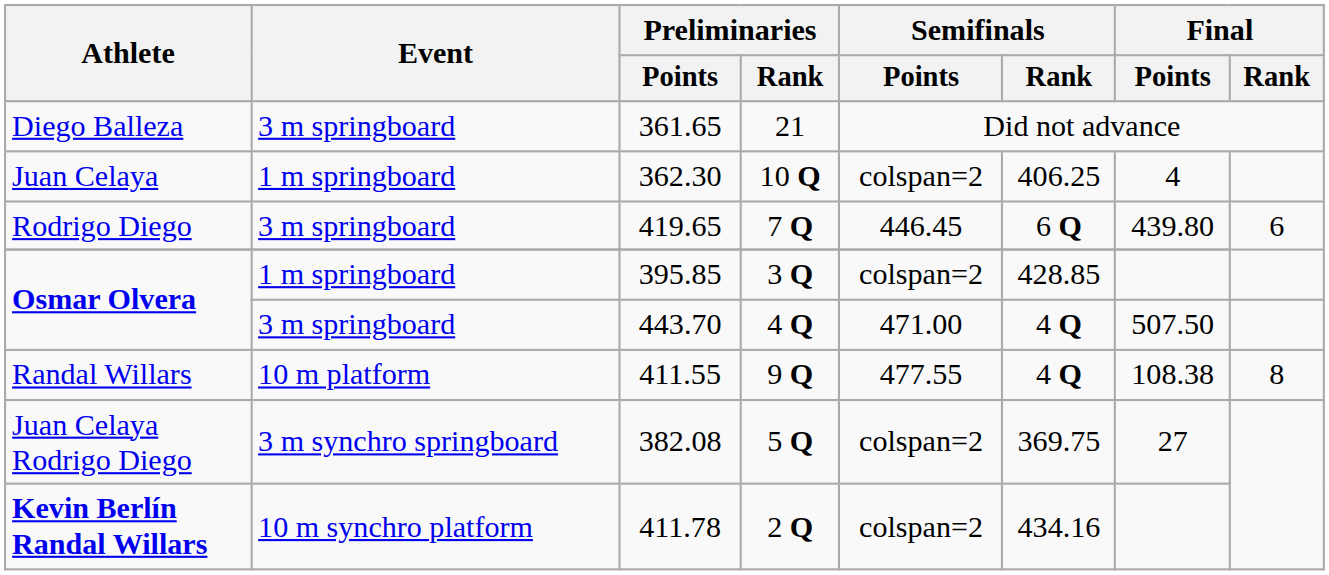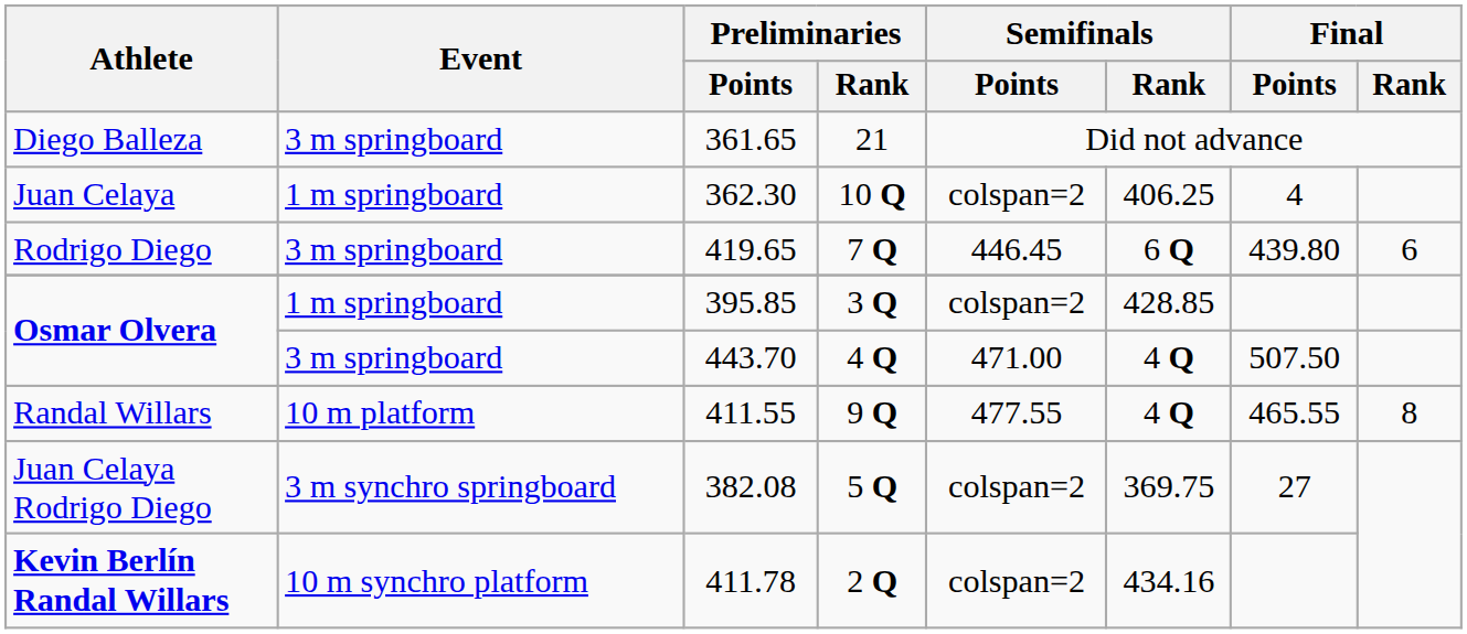 <table class="wikitable" style="text-align:center; font-size:90%; width:50%;">
 <tr>
 <th rowspan=2>Athlete</th>
 <th rowspan=2>Event</th>
 <th colspan=2>Preliminaries</th>
 <th colspan=2>Semifinals</th>
 <th colspan=2>Final</th>
 </tr>
 <tr style="font-size:95%">
 <th>Points</th>
 <th>Rank</th>
 <th>Points</th>
 <th>Rank</th>
 <th>Points</th>
 <th>Rank</th>
 </tr>
 <tr>
 <td align=left><a href='#'>Diego Balleza</a></td>
 <td align=left><a href='#'>3 m springboard</a></td>
 <td>361.65</td>
 <td>21</td>
 <td colspan=4>Did not advance</td>
 </tr>
 <tr>
 <td align=left><a href='#'>Juan Celaya</a></td>
 <td align=left><a href='#'>1 m springboard</a></td>
 <td>362.30</td>
 <td>10 <strong>Q</strong></td>
 <td>colspan=2 </td>
 <td>406.25</td>
 <td>4</td>
 </tr>
 <tr>
 <td align=left><a href='#'>Rodrigo Diego</a></td>
 <td align=left><a href='#'>3 m springboard</a></td>
 <td>419.65</td>
 <td>7 <strong>Q</strong></td>
 <td>446.45</td>
 <td>6 <strong>Q</strong></td>
 <td>439.80</td>
 <td>6</td>
 </tr>
 <tr>
 </tr>
 <tr>
 <td align=left rowspan=2><strong><a href='#'>Osmar Olvera</a></strong></td>
 <td align=left><a href='#'>1 m springboard</a></td>
 <td>395.85</td>
 <td>3 <strong>Q</strong></td>
 <td>colspan=2 </td>
 <td>428.85</td>
 <td></td>
 </tr>
 <tr>
 <td align=left><a href='#'>3 m springboard</a></td>
 <td>443.70</td>
 <td>4 <strong>Q</strong></td>
 <td>471.00</td>
 <td>4 <strong>Q</strong></td>
 <td>507.50</td>
 <td></td>
 </tr>
 <tr>
 <td align=left><a href='#'>Randal Willars</a></td>
 <td align=left><a href='#'>10 m platform</a></td>
 <td>411.55</td>
 <td>9 <strong>Q</strong></td>
 <td>477.55</td>
 <td>4 <strong>Q</strong></td>
-<td>108.38</td>
+<td>465.55</td>
 <td>8</td>
 </tr>
 <tr>
 <td align=left><a href='#'>Juan Celaya</a><br> <a href='#'>Rodrigo Diego</a></td>
 <td align=left><a href='#'>3 m synchro springboard</a></td>
 <td>382.08</td>
 <td>5 <strong>Q</strong></td>
 <td>colspan=2 </td>
 <td>369.75</td>
 <td>27</td>
 </tr>
 <tr>
 <td align=left><strong><a href='#'>Kevin Berlín</a><br> <a href='#'>Randal Willars</a></strong></td>
 <td align=left><a href='#'>10 m synchro platform</a></td>
 <td>411.78</td>
 <td>2 <strong>Q</strong></td>
 <td>colspan=2 </td>
 <td>434.16</td>
 <td></td>
 </tr>
 </table>
